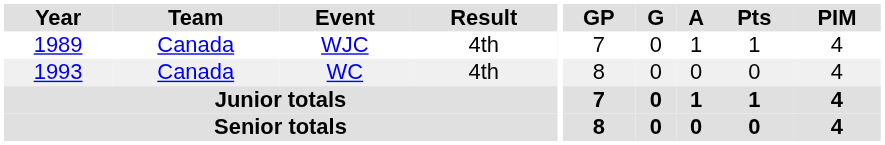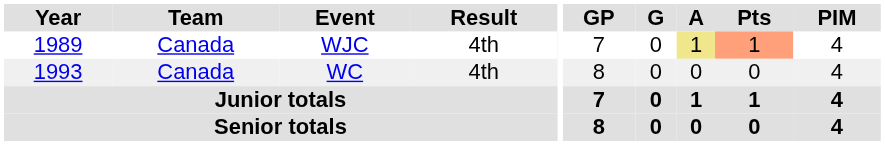 <table border="0" cellpadding="1" cellspacing="0" ID="Table3" style="text-align:center; width:40em">
 <tr ALIGN="center" bgcolor="#e0e0e0">
 <th>Year</th>
 <th>Team</th>
 <th>Event</th>
 <th>Result</th>
 <th rowspan="99" bgcolor="#ffffff"></th>
 <th>GP</th>
 <th>G</th>
 <th>A</th>
 <th>Pts</th>
 <th>PIM</th>
 </tr>
 <tr>
 <td><a href='#'>1989</a></td>
 <td><a href='#'>Canada</a></td>
 <td><a href='#'>WJC</a></td>
 <td>4th</td>
 <td>7</td>
 <td>0</td>
-<td>1</td>
-<td>1</td>
+<td style="background: khaki;">1</td>
+<td style="background: lightsalmon;">1</td>
 <td>4</td>
 </tr>
 <tr bgcolor="#f0f0f0">
 <td><a href='#'>1993</a></td>
 <td><a href='#'>Canada</a></td>
 <td><a href='#'>WC</a></td>
 <td>4th</td>
 <td>8</td>
 <td>0</td>
 <td>0</td>
 <td>0</td>
 <td>4</td>
 </tr>
 <tr bgcolor="#e0e0e0">
 <th colspan="4">Junior totals</th>
 <th>7</th>
 <th>0</th>
 <th>1</th>
 <th>1</th>
 <th>4</th>
 </tr>
 <tr bgcolor="#e0e0e0">
 <th colspan="4">Senior totals</th>
 <th>8</th>
 <th>0</th>
 <th>0</th>
 <th>0</th>
 <th>4</th>
 </tr>
 </table>
